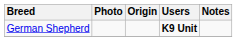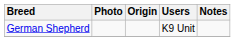 <table class="wikitable">
 <tr>
 <th style="text-align: left;">Breed</th>
 <th style="text-align: left;">Photo</th>
 <th style="text-align: left;">Origin</th>
 <th style="text-align: left;">Users</th>
 <th style="text-align: left;">Notes</th>
 </tr>
 <tr>
 <td><a href='#'>German Shepherd</a></td>
 <td></td>
 <td></td>
-<td><strong>K9 Unit</strong></td>
+<td>K9 Unit</td>
 <td></td>
 </tr>
 <tr>
 </tr>
 </table>
